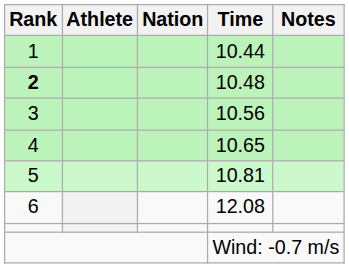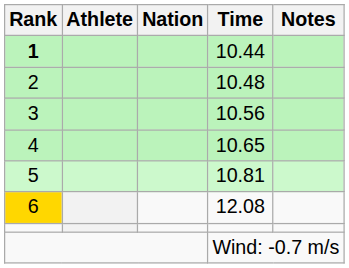 <table class="wikitable plainrowheaders sortable" style="text-align:center;">
 <tr>
 <th scope=col>Rank</th>
 <th scope=col>Athlete</th>
 <th scope=col>Nation</th>
 <th scope=col>Time</th>
 <th scope=col>Notes</th>
 </tr>
 <tr bgcolor=#bbf3bb>
-<td>1</td>
+<td><strong>1</strong></td>
 <th scope=row style="background:#bbf3bb; text-align:left;"></th>
 <td align=left></td>
 <td>10.44</td>
 <td></td>
 </tr>
 <tr bgcolor=#bbf3bb>
-<td><strong>2</strong></td>
+<td>2</td>
 <th scope=row style="background:#bbf3bb; text-align:left;"></th>
 <td align=left></td>
 <td>10.48</td>
 <td></td>
 </tr>
 <tr bgcolor=#bbf3bb>
 <td>3</td>
 <th scope=row style="background:#bbf3bb; text-align:left;"></th>
 <td align=left></td>
 <td>10.56</td>
 <td></td>
 </tr>
 <tr bgcolor=#bbf3bb>
 <td>4</td>
 <th scope=row style="background:#bbf3bb; text-align:left;"></th>
 <td align=left></td>
 <td>10.65</td>
 <td></td>
 </tr>
 <tr bgcolor=#ccf9cc>
 <td>5</td>
 <th scope=row style="background:#ccf9cc; text-align:left;"></th>
 <td align=left></td>
 <td>10.81</td>
 <td></td>
 </tr>
 <tr>
-<td>6</td>
+<td style="background: gold;">6</td>
 <th scope=row style=text-align:left;></th>
 <td align=left></td>
 <td>12.08</td>
 <td></td>
 </tr>
 <tr>
 <td></td>
 <th scope=row style=text-align:left;></th>
 <td align=left></td>
 <td></td>
 <td></td>
 </tr>
 <tr class=sortbottom>
 <td colspan=3></td>
 <td colspan=2 style=text-align:left;>Wind: -0.7 m/s</td>
 </tr>
 </table>
